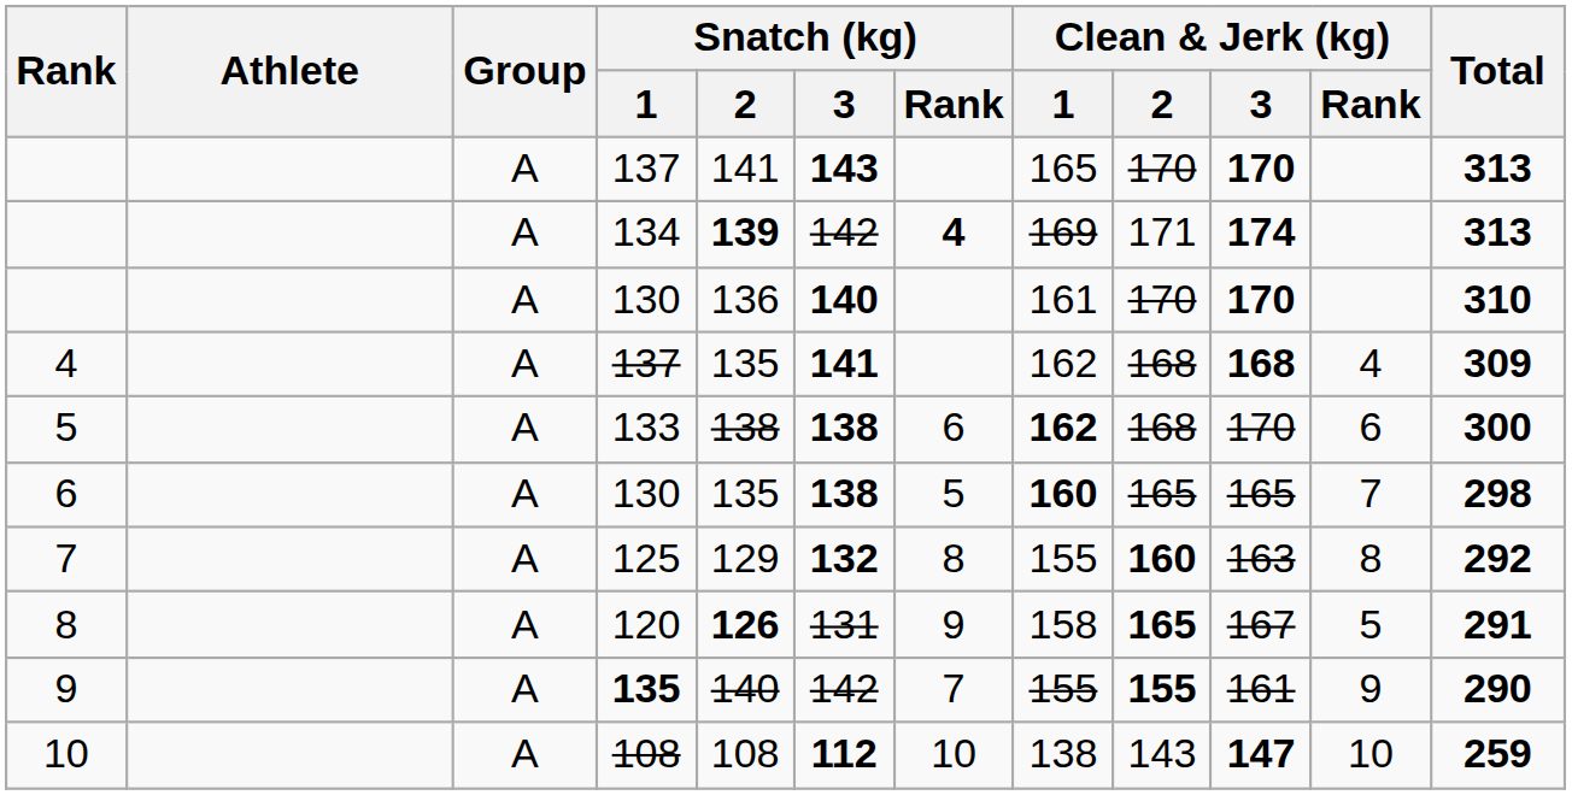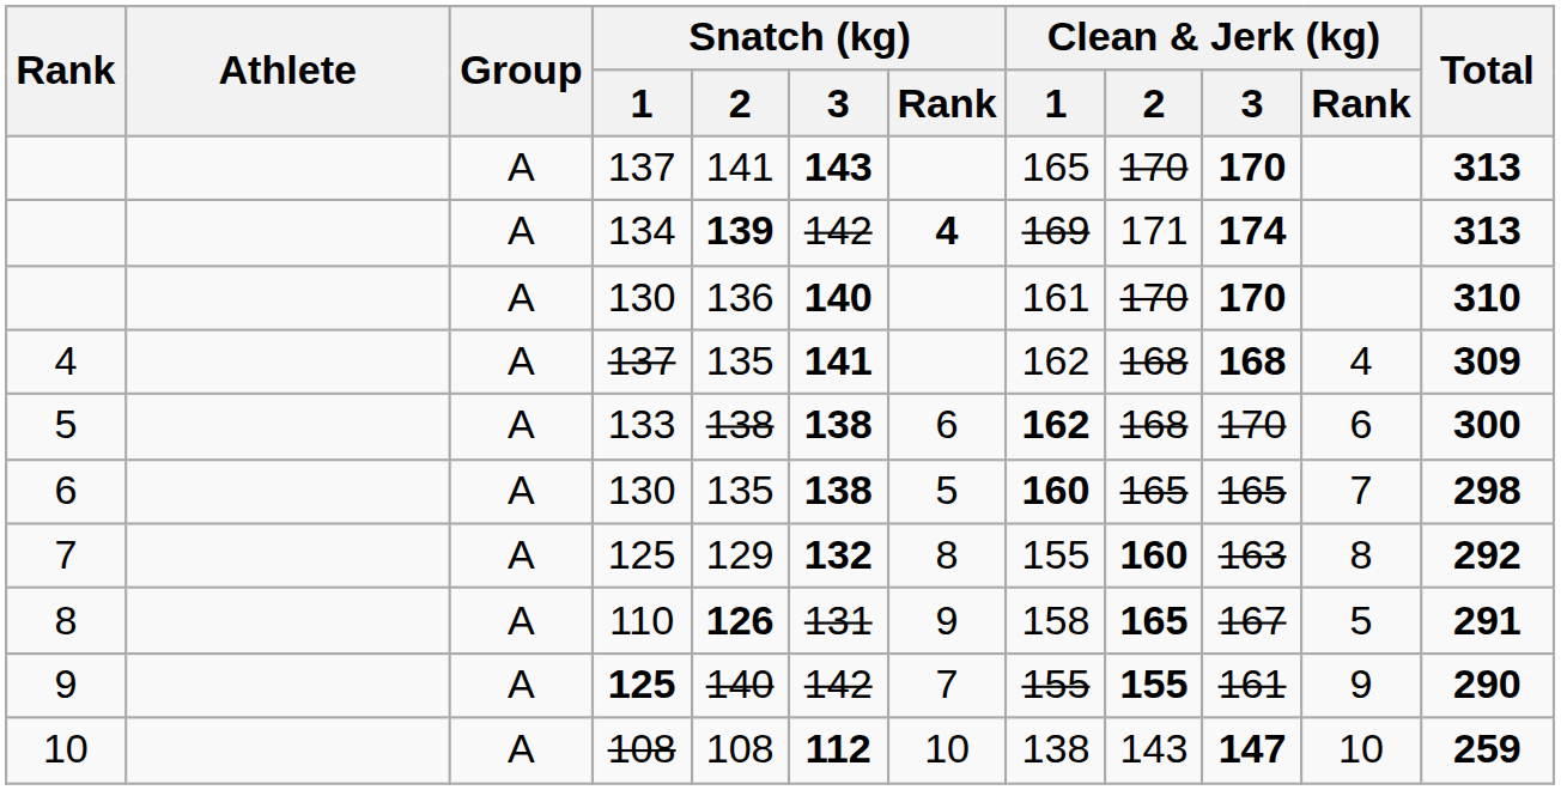 <table class = "wikitable" style="text-align:center;">
 <tr>
 <th rowspan=2 width=40>Rank</th>
 <th rowspan=2 width=250>Athlete</th>
 <th rowspan=2 width=50>Group</th>
 <th colspan=4>Snatch (kg)</th>
 <th colspan=4>Clean & Jerk (kg)</th>
 <th rowspan=2 width=60>Total</th>
 </tr>
 <tr>
 <th width=40>1</th>
 <th width=40>2</th>
 <th width=40>3</th>
 <th width=40>Rank</th>
 <th width=40>1</th>
 <th width=40>2</th>
 <th width=40>3</th>
 <th width=40>Rank</th>
 </tr>
 <tr>
 <td></td>
 <td align=left></td>
 <td>A</td>
 <td>137</td>
 <td>141</td>
 <td><strong>143</strong></td>
 <td></td>
 <td>165</td>
 <td><s>170</s></td>
 <td><strong>170</strong></td>
 <td></td>
 <td><strong>313</strong></td>
 </tr>
 <tr>
 <td></td>
 <td align=left></td>
 <td>A</td>
 <td>134</td>
 <td><strong>139</strong></td>
 <td><s>142</s></td>
 <td><strong>4</strong></td>
 <td><s>169</s></td>
 <td>171</td>
 <td><strong>174</strong></td>
 <td></td>
 <td><strong>313</strong></td>
 </tr>
 <tr>
 <td></td>
 <td align=left></td>
 <td>A</td>
 <td>130</td>
 <td>136</td>
 <td><strong>140</strong></td>
 <td></td>
 <td>161</td>
 <td><s>170</s></td>
 <td><strong>170</strong></td>
 <td></td>
 <td><strong>310</strong></td>
 </tr>
 <tr>
 <td>4</td>
 <td align=left></td>
 <td>A</td>
 <td><s>137</s></td>
 <td>135</td>
 <td><strong>141</strong></td>
 <td></td>
 <td>162</td>
 <td><s>168</s></td>
 <td><strong>168</strong></td>
 <td>4</td>
 <td><strong>309</strong></td>
 </tr>
 <tr>
 <td>5</td>
 <td align=left></td>
 <td>A</td>
 <td>133</td>
 <td><s>138</s></td>
 <td><strong>138</strong></td>
 <td>6</td>
 <td><strong>162</strong></td>
 <td><s>168</s></td>
 <td><s>170</s></td>
 <td>6</td>
 <td><strong>300</strong></td>
 </tr>
 <tr>
 <td>6</td>
 <td align=left></td>
 <td>A</td>
 <td>130</td>
 <td>135</td>
 <td><strong>138</strong></td>
 <td>5</td>
 <td><strong>160</strong></td>
 <td><s>165</s></td>
 <td><s>165</s></td>
 <td>7</td>
 <td><strong>298</strong></td>
 </tr>
 <tr>
 <td>7</td>
 <td align=left></td>
 <td>A</td>
 <td>125</td>
 <td>129</td>
 <td><strong>132</strong></td>
 <td>8</td>
 <td>155</td>
 <td><strong>160</strong></td>
 <td><s>163</s></td>
 <td>8</td>
 <td><strong>292</strong></td>
 </tr>
 <tr>
 <td>8</td>
 <td align=left></td>
 <td>A</td>
-<td>120</td>
+<td>110</td>
 <td><strong>126</strong></td>
 <td><s>131</s></td>
 <td>9</td>
 <td>158</td>
 <td><strong>165</strong></td>
 <td><s>167</s></td>
 <td>5</td>
 <td><strong>291</strong></td>
 </tr>
 <tr>
 <td>9</td>
 <td align=left></td>
 <td>A</td>
-<td><strong>135</strong></td>
+<td><strong>125</strong></td>
 <td><s>140</s></td>
 <td><s>142</s></td>
 <td>7</td>
 <td><s>155</s></td>
 <td><strong>155</strong></td>
 <td><s>161</s></td>
 <td>9</td>
 <td><strong>290</strong></td>
 </tr>
 <tr>
 <td>10</td>
 <td align=left></td>
 <td>A</td>
 <td><s>108</s></td>
 <td>108</td>
 <td><strong>112</strong></td>
 <td>10</td>
 <td>138</td>
 <td>143</td>
 <td><strong>147</strong></td>
 <td>10</td>
 <td><strong>259</strong></td>
 </tr>
 </table>
